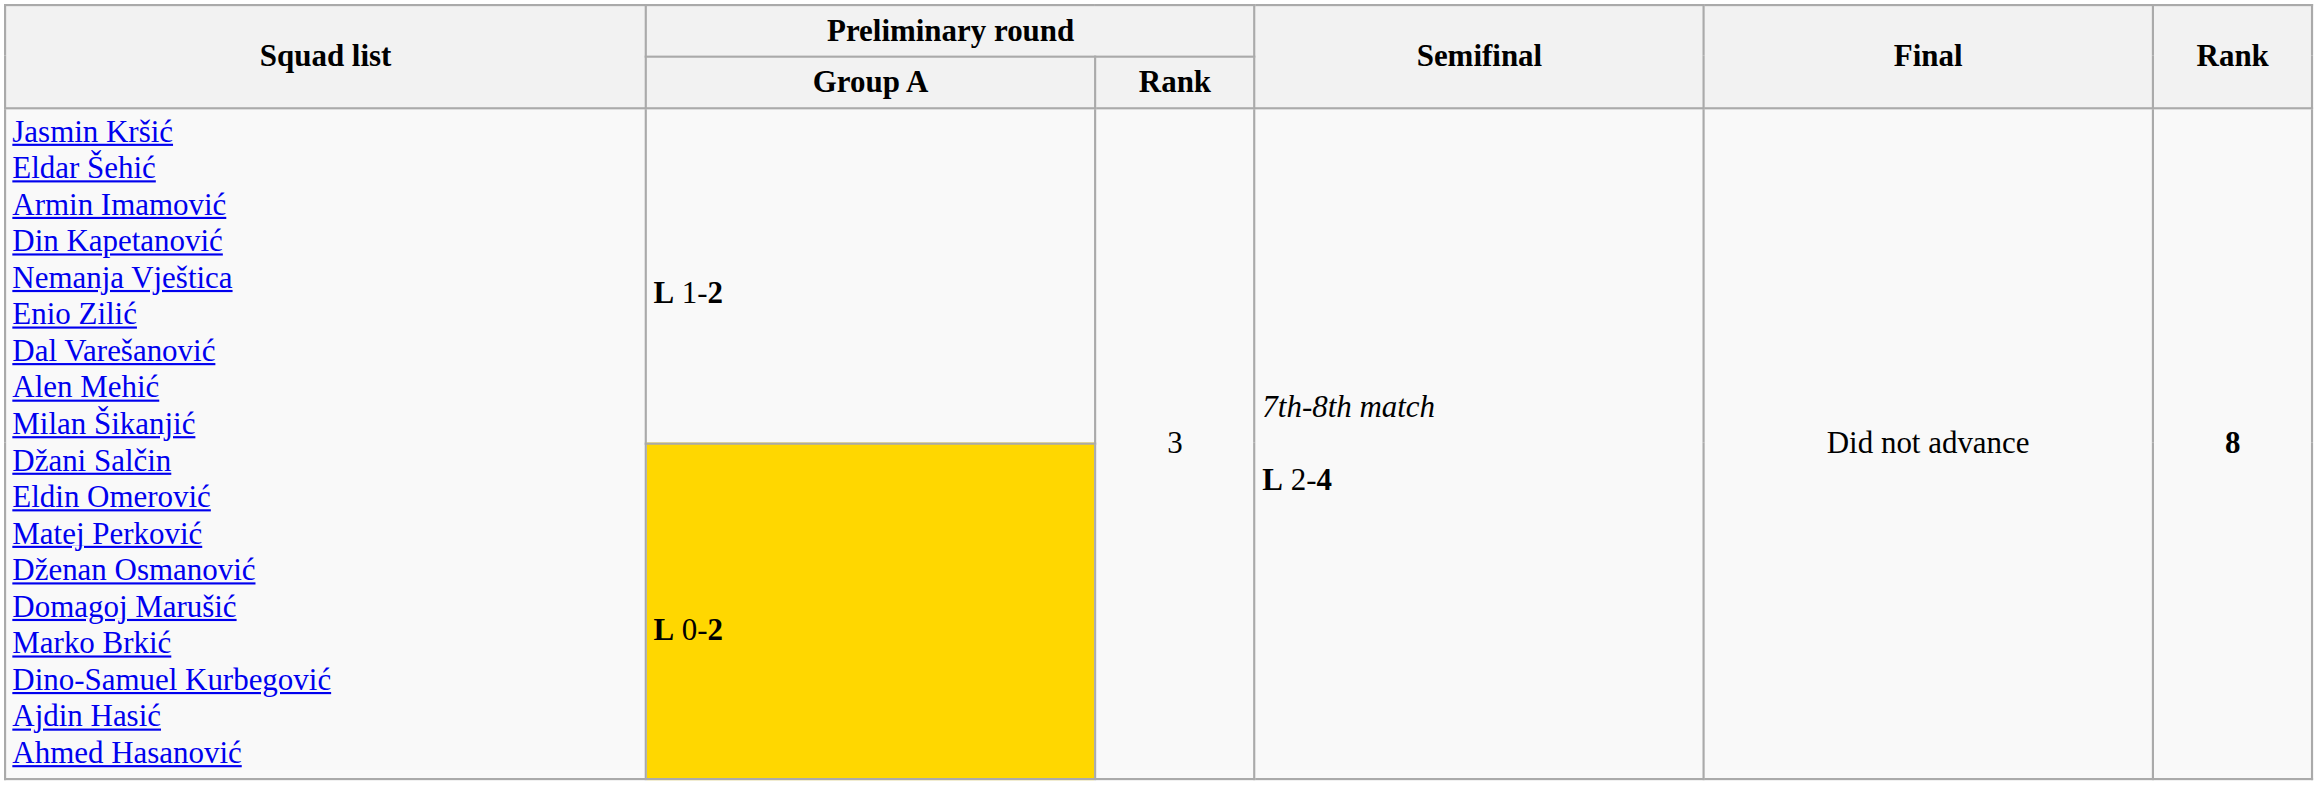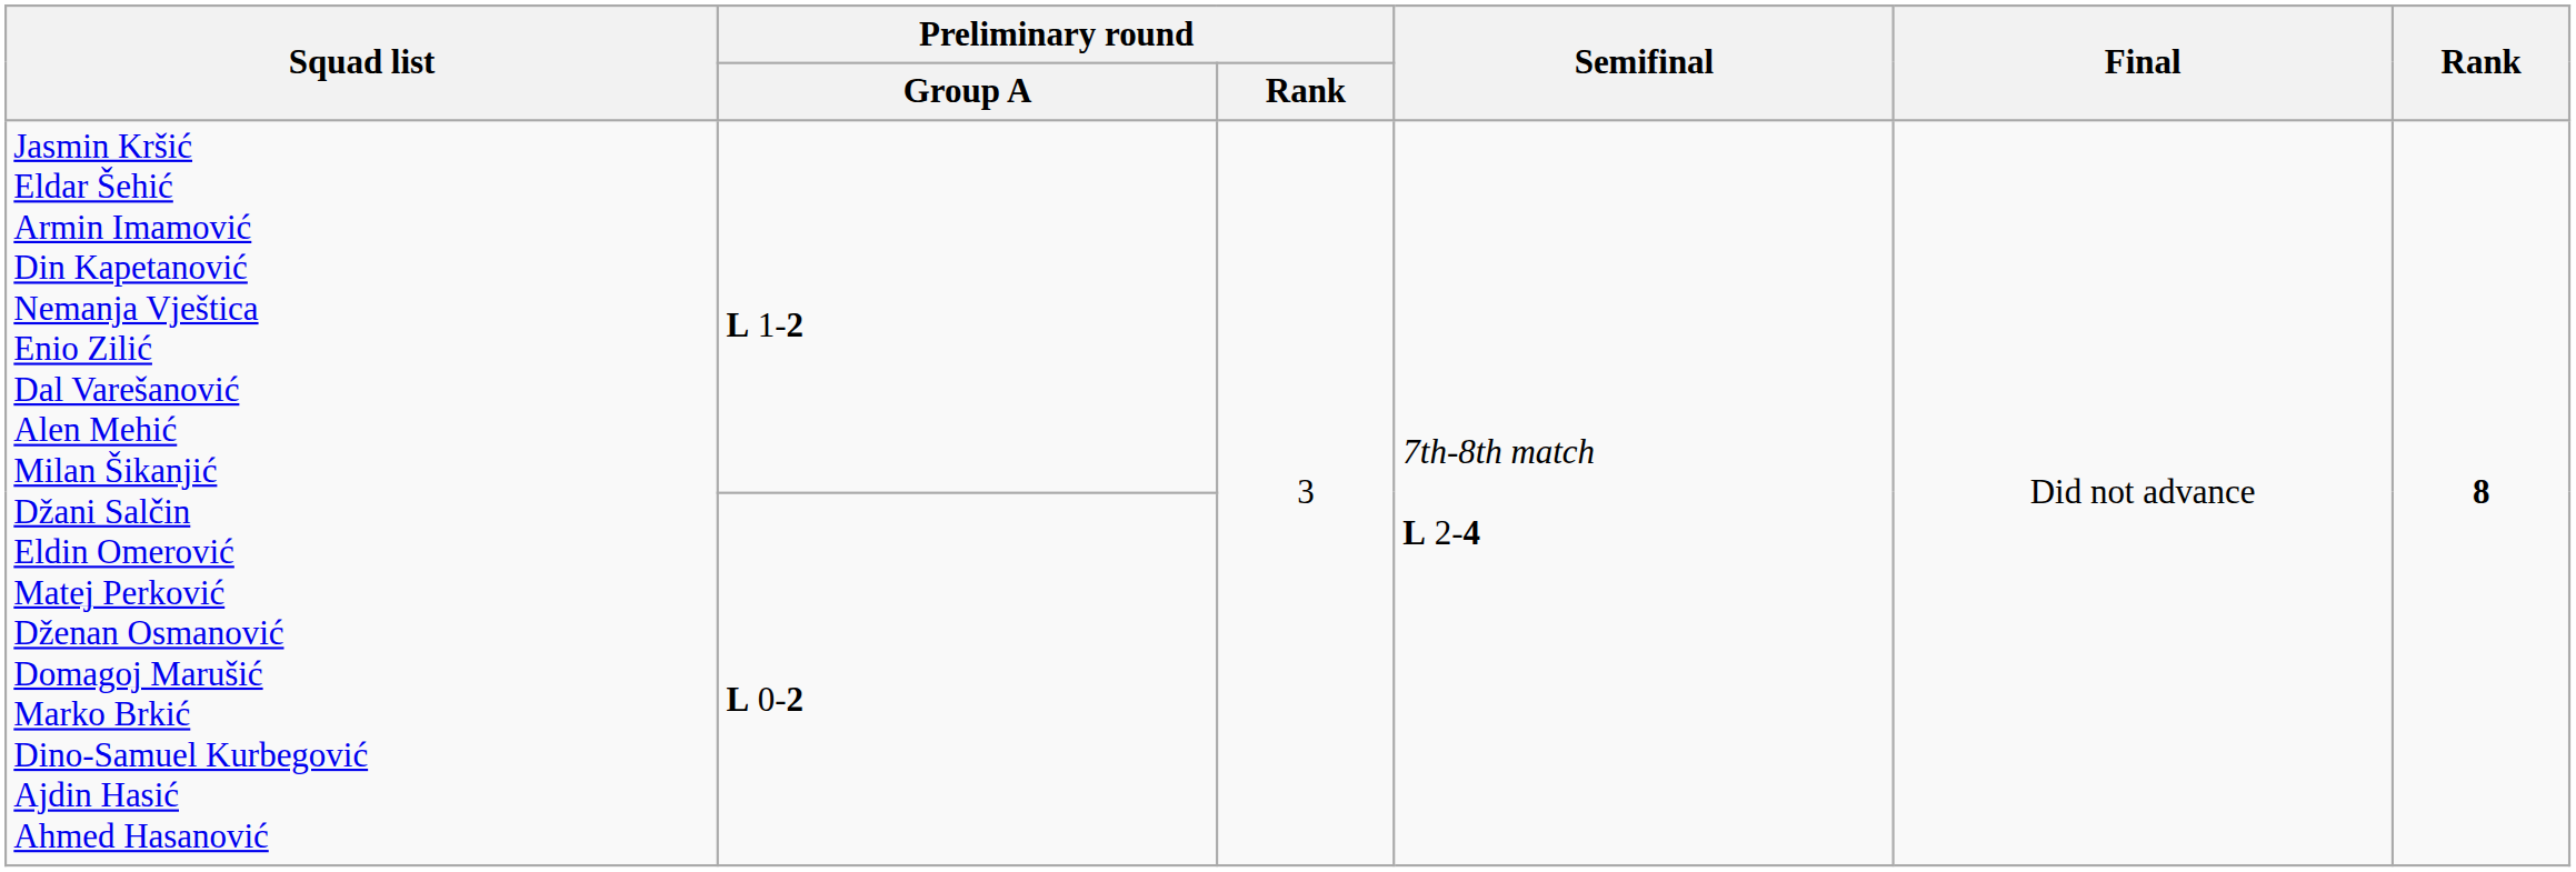 <table class="wikitable" width="85%" style="text-align:left; font-size:90%">
 <tr>
 <th rowspan="2" width="20%">Squad list</th>
 <th colspan="2">Preliminary round</th>
 <th rowspan="2" width="14%">Semifinal</th>
 <th rowspan="2" width="14%">Final</th>
 <th rowspan="2" width="5%">Rank</th>
 </tr>
 <tr>
 <th width="14%">Group A</th>
 <th width="5%">Rank</th>
 </tr>
 <tr>
 <td rowspan=2><a href='#'>Jasmin Kršić</a><br><a href='#'>Eldar Šehić</a><br><a href='#'>Armin Imamović</a><br><a href='#'>Din Kapetanović</a><br><a href='#'>Nemanja Vještica</a><br><a href='#'>Enio Zilić</a><br><a href='#'>Dal Varešanović</a><br><a href='#'>Alen Mehić</a><br><a href='#'>Milan Šikanjić</a><br><a href='#'>Džani Salčin</a><br><a href='#'>Eldin Omerović</a><br><a href='#'>Matej Perković</a><br><a href='#'>Dženan Osmanović</a><br><a href='#'>Domagoj Marušić</a><br><a href='#'>Marko Brkić</a><br><a href='#'>Dino-Samuel Kurbegović</a><br><a href='#'>Ajdin Hasić</a><br><a href='#'>Ahmed Hasanović</a></td>
 <td><br><strong>L</strong> 1-<strong>2</strong></td>
 <td rowspan=2 align=center>3</td>
 <td rowspan=2><em> 7th-8th match </em><br><br><strong>L</strong> 2-<strong>4</strong></td>
 <td rowspan=2 align=center>Did not advance</td>
 <td rowspan=2 align=center><strong>8</strong></td>
 </tr>
 <tr>
-<td style="background: gold;"><br><strong>L</strong>  0-<strong>2</strong></td>
+<td><br><strong>L</strong>  0-<strong>2</strong></td>
 </tr>
 </table>
